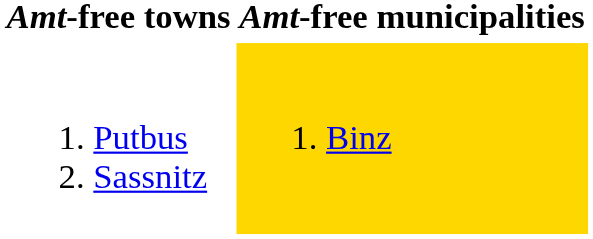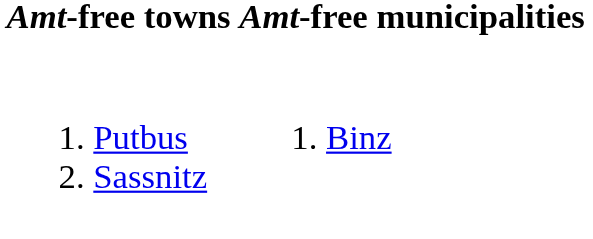 <table>
 <tr ---->
 <th><em>Amt</em>-free towns</th>
 <th><em>Amt</em>-free municipalities</th>
 </tr>
 <tr>
 <td valign=top><br><ol><li><a href='#'>Putbus</a></li><li><a href='#'>Sassnitz</a></li></ol></td>
-<td valign=top style="background: gold;"><br><ol><li><a href='#'>Binz</a></li></ol></td>
+<td valign=top><br><ol><li><a href='#'>Binz</a></li></ol></td>
 </tr>
 </table>
